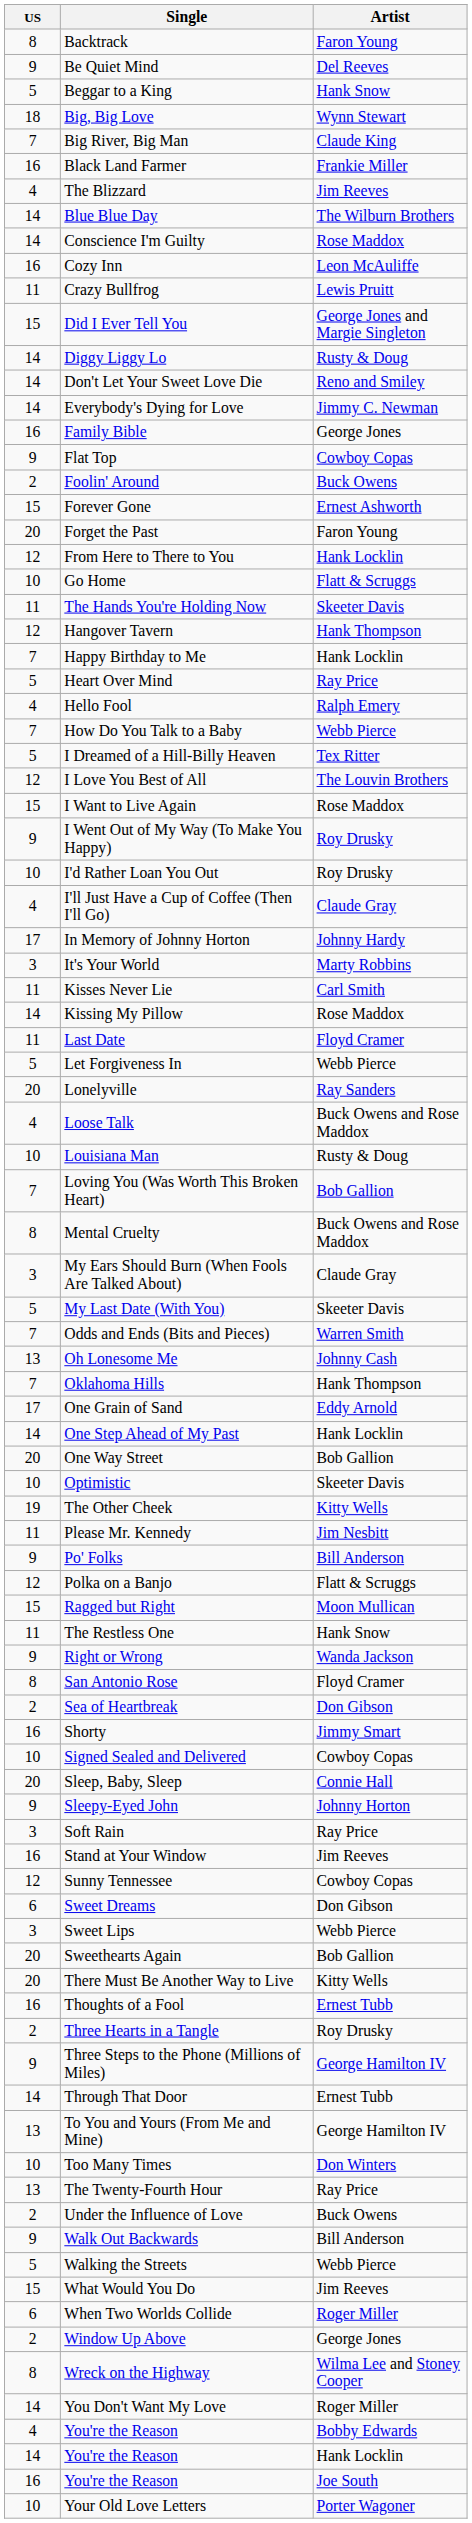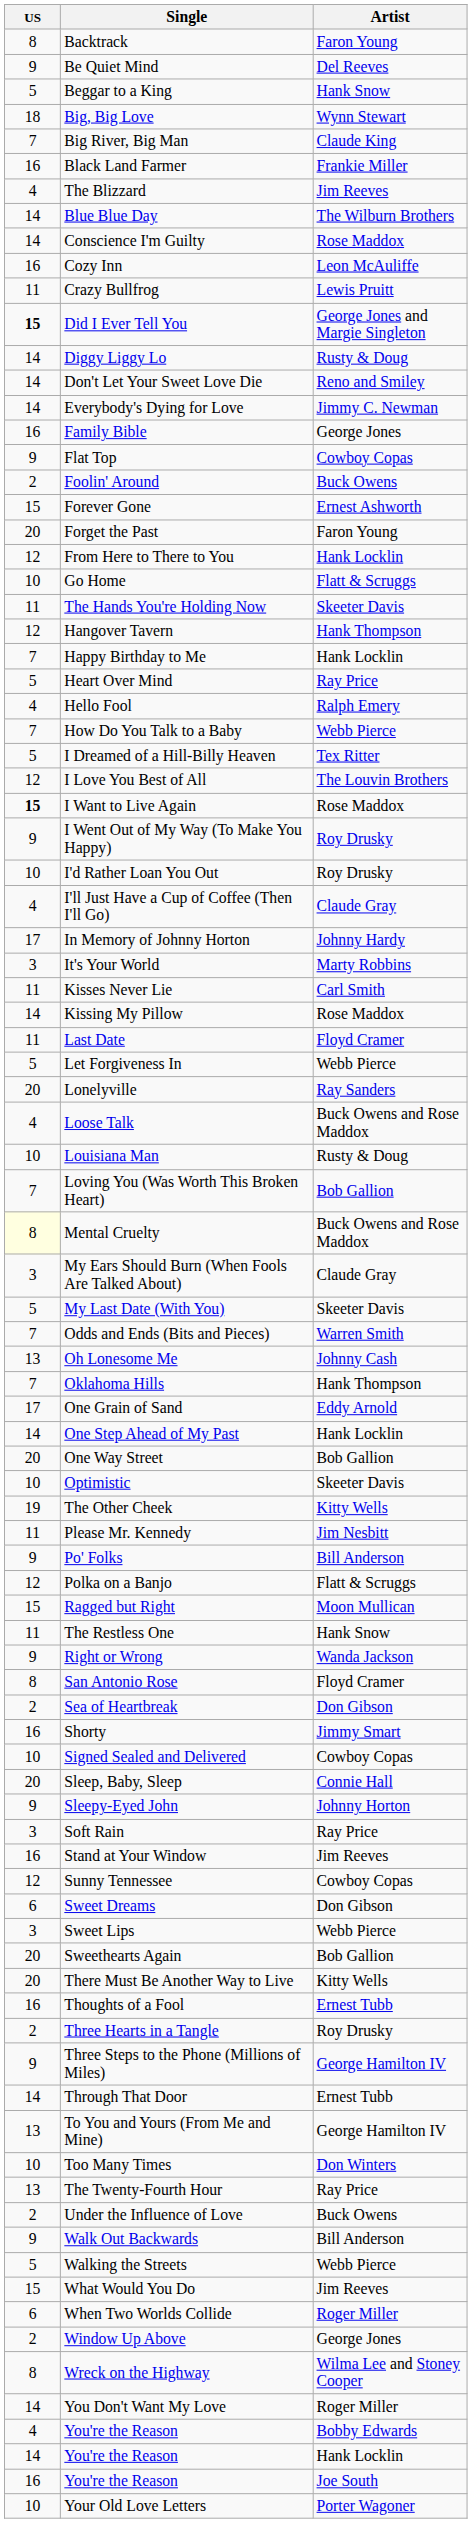 <table class="wikitable sortable">
 <tr>
 <th width="50"><small>US</small></th>
 <th width="250">Single</th>
 <th width="150">Artist</th>
 </tr>
 <tr>
 <td align="center">8</td>
 <td>Backtrack</td>
 <td><a href='#'>Faron Young</a></td>
 </tr>
 <tr>
 <td align="center">9</td>
 <td>Be Quiet Mind</td>
 <td><a href='#'>Del Reeves</a></td>
 </tr>
 <tr>
 <td align="center">5</td>
 <td>Beggar to a King</td>
 <td><a href='#'>Hank Snow</a></td>
 </tr>
 <tr>
 <td align="center">18</td>
 <td><a href='#'>Big, Big Love</a></td>
 <td><a href='#'>Wynn Stewart</a></td>
 </tr>
 <tr>
 <td align="center">7</td>
 <td>Big River, Big Man</td>
 <td><a href='#'>Claude King</a></td>
 </tr>
 <tr>
 <td align="center">16</td>
 <td>Black Land Farmer</td>
 <td><a href='#'>Frankie Miller</a></td>
 </tr>
 <tr>
 <td align="center">4</td>
 <td>The Blizzard</td>
 <td><a href='#'>Jim Reeves</a></td>
 </tr>
 <tr>
 <td align="center">14</td>
 <td><a href='#'>Blue Blue Day</a></td>
 <td><a href='#'>The Wilburn Brothers</a></td>
 </tr>
 <tr>
 <td align="center">14</td>
 <td>Conscience I'm Guilty</td>
 <td><a href='#'>Rose Maddox</a></td>
 </tr>
 <tr>
 <td align="center">16</td>
 <td>Cozy Inn</td>
 <td><a href='#'>Leon McAuliffe</a></td>
 </tr>
 <tr>
 <td align="center">11</td>
 <td>Crazy Bullfrog</td>
 <td><a href='#'>Lewis Pruitt</a></td>
 </tr>
 <tr>
-<td align="center">15</td>
+<td align="center"><strong>15</strong></td>
 <td><a href='#'>Did I Ever Tell You</a></td>
 <td><a href='#'>George Jones</a> and <a href='#'>Margie Singleton</a></td>
 </tr>
 <tr>
 <td align="center">14</td>
 <td><a href='#'>Diggy Liggy Lo</a></td>
 <td><a href='#'>Rusty & Doug</a></td>
 </tr>
 <tr>
 <td align="center">14</td>
 <td>Don't Let Your Sweet Love Die</td>
 <td><a href='#'>Reno and Smiley</a></td>
 </tr>
 <tr>
 <td align="center">14</td>
 <td>Everybody's Dying for Love</td>
 <td><a href='#'>Jimmy C. Newman</a></td>
 </tr>
 <tr>
 <td align="center">16</td>
 <td><a href='#'>Family Bible</a></td>
 <td>George Jones</td>
 </tr>
 <tr>
 <td align="center">9</td>
 <td>Flat Top</td>
 <td><a href='#'>Cowboy Copas</a></td>
 </tr>
 <tr>
 <td align="center">2</td>
 <td><a href='#'>Foolin' Around</a></td>
 <td><a href='#'>Buck Owens</a></td>
 </tr>
 <tr>
 <td align="center">15</td>
 <td>Forever Gone</td>
 <td><a href='#'>Ernest Ashworth</a></td>
 </tr>
 <tr>
 <td align="center">20</td>
 <td>Forget the Past</td>
 <td>Faron Young</td>
 </tr>
 <tr>
 <td align="center">12</td>
 <td>From Here to There to You</td>
 <td><a href='#'>Hank Locklin</a></td>
 </tr>
 <tr>
 <td align="center">10</td>
 <td>Go Home</td>
 <td><a href='#'>Flatt & Scruggs</a></td>
 </tr>
 <tr>
 <td align="center">11</td>
 <td><a href='#'>The Hands You're Holding Now</a></td>
 <td><a href='#'>Skeeter Davis</a></td>
 </tr>
 <tr>
 <td align="center">12</td>
 <td>Hangover Tavern</td>
 <td><a href='#'>Hank Thompson</a></td>
 </tr>
 <tr>
 <td align="center">7</td>
 <td>Happy Birthday to Me</td>
 <td>Hank Locklin</td>
 </tr>
 <tr>
 <td align="center">5</td>
 <td>Heart Over Mind</td>
 <td><a href='#'>Ray Price</a></td>
 </tr>
 <tr>
 <td align="center">4</td>
 <td>Hello Fool</td>
 <td><a href='#'>Ralph Emery</a></td>
 </tr>
 <tr>
 <td align="center">7</td>
 <td>How Do You Talk to a Baby</td>
 <td><a href='#'>Webb Pierce</a></td>
 </tr>
 <tr>
 <td align="center">5</td>
 <td>I Dreamed of a Hill-Billy Heaven</td>
 <td><a href='#'>Tex Ritter</a></td>
 </tr>
 <tr>
 <td align="center">12</td>
 <td>I Love You Best of All</td>
 <td><a href='#'>The Louvin Brothers</a></td>
 </tr>
 <tr>
-<td align="center">15</td>
+<td align="center"><strong>15</strong></td>
 <td>I Want to Live Again</td>
 <td>Rose Maddox</td>
 </tr>
 <tr>
 <td align="center">9</td>
 <td>I Went Out of My Way (To Make You Happy)</td>
 <td><a href='#'>Roy Drusky</a></td>
 </tr>
 <tr>
 <td align="center">10</td>
 <td>I'd Rather Loan You Out</td>
 <td>Roy Drusky</td>
 </tr>
 <tr>
 <td align="center">4</td>
 <td>I'll Just Have a Cup of Coffee (Then I'll Go)</td>
 <td><a href='#'>Claude Gray</a></td>
 </tr>
 <tr>
 <td align="center">17</td>
 <td>In Memory of Johnny Horton</td>
 <td><a href='#'>Johnny Hardy</a></td>
 </tr>
 <tr>
 <td align="center">3</td>
 <td>It's Your World</td>
 <td><a href='#'>Marty Robbins</a></td>
 </tr>
 <tr>
 <td align="center">11</td>
 <td>Kisses Never Lie</td>
 <td><a href='#'>Carl Smith</a></td>
 </tr>
 <tr>
 <td align="center">14</td>
 <td>Kissing My Pillow</td>
 <td>Rose Maddox</td>
 </tr>
 <tr>
 <td align="center">11</td>
 <td><a href='#'>Last Date</a></td>
 <td><a href='#'>Floyd Cramer</a></td>
 </tr>
 <tr>
 <td align="center">5</td>
 <td>Let Forgiveness In</td>
 <td>Webb Pierce</td>
 </tr>
 <tr>
 <td align="center">20</td>
 <td>Lonelyville</td>
 <td><a href='#'>Ray Sanders</a></td>
 </tr>
 <tr>
 <td align="center">4</td>
 <td><a href='#'>Loose Talk</a></td>
 <td>Buck Owens and Rose Maddox</td>
 </tr>
 <tr>
 <td align="center">10</td>
 <td><a href='#'>Louisiana Man</a></td>
 <td>Rusty & Doug</td>
 </tr>
 <tr>
 <td align="center">7</td>
 <td>Loving You (Was Worth This Broken Heart)</td>
 <td><a href='#'>Bob Gallion</a></td>
 </tr>
 <tr>
-<td align="center">8</td>
+<td align="center" style="background: lightyellow;">8</td>
 <td>Mental Cruelty</td>
 <td>Buck Owens and Rose Maddox</td>
 </tr>
 <tr>
 <td align="center">3</td>
 <td>My Ears Should Burn (When Fools Are Talked About)</td>
 <td>Claude Gray</td>
 </tr>
 <tr>
 <td align="center">5</td>
 <td><a href='#'>My Last Date (With You)</a></td>
 <td>Skeeter Davis</td>
 </tr>
 <tr>
 <td align="center">7</td>
 <td>Odds and Ends (Bits and Pieces)</td>
 <td><a href='#'>Warren Smith</a></td>
 </tr>
 <tr>
 <td align="center">13</td>
 <td><a href='#'>Oh Lonesome Me</a></td>
 <td><a href='#'>Johnny Cash</a></td>
 </tr>
 <tr>
 <td align="center">7</td>
 <td><a href='#'>Oklahoma Hills</a></td>
 <td>Hank Thompson</td>
 </tr>
 <tr>
 <td align="center">17</td>
 <td>One Grain of Sand</td>
 <td><a href='#'>Eddy Arnold</a></td>
 </tr>
 <tr>
 <td align="center">14</td>
 <td><a href='#'>One Step Ahead of My Past</a></td>
 <td>Hank Locklin</td>
 </tr>
 <tr>
 <td align="center">20</td>
 <td>One Way Street</td>
 <td>Bob Gallion</td>
 </tr>
 <tr>
 <td align="center">10</td>
 <td><a href='#'>Optimistic</a></td>
 <td>Skeeter Davis</td>
 </tr>
 <tr>
 <td align="center">19</td>
 <td>The Other Cheek</td>
 <td><a href='#'>Kitty Wells</a></td>
 </tr>
 <tr>
 <td align="center">11</td>
 <td>Please Mr. Kennedy</td>
 <td><a href='#'>Jim Nesbitt</a></td>
 </tr>
 <tr>
 <td align="center">9</td>
 <td><a href='#'>Po' Folks</a></td>
 <td><a href='#'>Bill Anderson</a></td>
 </tr>
 <tr>
 <td align="center">12</td>
 <td>Polka on a Banjo</td>
 <td>Flatt & Scruggs</td>
 </tr>
 <tr>
 <td align="center">15</td>
 <td><a href='#'>Ragged but Right</a></td>
 <td><a href='#'>Moon Mullican</a></td>
 </tr>
 <tr>
 <td align="center">11</td>
 <td>The Restless One</td>
 <td>Hank Snow</td>
 </tr>
 <tr>
 <td align="center">9</td>
 <td><a href='#'>Right or Wrong</a></td>
 <td><a href='#'>Wanda Jackson</a></td>
 </tr>
 <tr>
 <td align="center">8</td>
 <td><a href='#'>San Antonio Rose</a></td>
 <td>Floyd Cramer</td>
 </tr>
 <tr>
 <td align="center">2</td>
 <td><a href='#'>Sea of Heartbreak</a></td>
 <td><a href='#'>Don Gibson</a></td>
 </tr>
 <tr>
 <td align="center">16</td>
 <td>Shorty</td>
 <td><a href='#'>Jimmy Smart</a></td>
 </tr>
 <tr>
 <td align="center">10</td>
 <td><a href='#'>Signed Sealed and Delivered</a></td>
 <td>Cowboy Copas</td>
 </tr>
 <tr>
 <td align="center">20</td>
 <td>Sleep, Baby, Sleep</td>
 <td><a href='#'>Connie Hall</a></td>
 </tr>
 <tr>
 <td align="center">9</td>
 <td><a href='#'>Sleepy-Eyed John</a></td>
 <td><a href='#'>Johnny Horton</a></td>
 </tr>
 <tr>
 <td align="center">3</td>
 <td>Soft Rain</td>
 <td>Ray Price</td>
 </tr>
 <tr>
 <td align="center">16</td>
 <td>Stand at Your Window</td>
 <td>Jim Reeves</td>
 </tr>
 <tr>
 <td align="center">12</td>
 <td>Sunny Tennessee</td>
 <td>Cowboy Copas</td>
 </tr>
 <tr>
 <td align="center">6</td>
 <td><a href='#'>Sweet Dreams</a></td>
 <td>Don Gibson</td>
 </tr>
 <tr>
 <td align="center">3</td>
 <td>Sweet Lips</td>
 <td>Webb Pierce</td>
 </tr>
 <tr>
 <td align="center">20</td>
 <td>Sweethearts Again</td>
 <td>Bob Gallion</td>
 </tr>
 <tr>
 <td align="center">20</td>
 <td>There Must Be Another Way to Live</td>
 <td>Kitty Wells</td>
 </tr>
 <tr>
 <td align="center">16</td>
 <td>Thoughts of a Fool</td>
 <td><a href='#'>Ernest Tubb</a></td>
 </tr>
 <tr>
 <td align="center">2</td>
 <td><a href='#'>Three Hearts in a Tangle</a></td>
 <td>Roy Drusky</td>
 </tr>
 <tr>
 <td align="center">9</td>
 <td>Three Steps to the Phone (Millions of Miles)</td>
 <td><a href='#'>George Hamilton IV</a></td>
 </tr>
 <tr>
 <td align="center">14</td>
 <td>Through That Door</td>
 <td>Ernest Tubb</td>
 </tr>
 <tr>
 <td align="center">13</td>
 <td>To You and Yours (From Me and Mine)</td>
 <td>George Hamilton IV</td>
 </tr>
 <tr>
 <td align="center">10</td>
 <td>Too Many Times</td>
 <td><a href='#'>Don Winters</a></td>
 </tr>
 <tr>
 <td align="center">13</td>
 <td>The Twenty-Fourth Hour</td>
 <td>Ray Price</td>
 </tr>
 <tr>
 <td align="center">2</td>
 <td>Under the Influence of Love</td>
 <td>Buck Owens</td>
 </tr>
 <tr>
 <td align="center">9</td>
 <td><a href='#'>Walk Out Backwards</a></td>
 <td>Bill Anderson</td>
 </tr>
 <tr>
 <td align="center">5</td>
 <td>Walking the Streets</td>
 <td>Webb Pierce</td>
 </tr>
 <tr>
 <td align="center">15</td>
 <td>What Would You Do</td>
 <td>Jim Reeves</td>
 </tr>
 <tr>
 <td align="center">6</td>
 <td>When Two Worlds Collide</td>
 <td><a href='#'>Roger Miller</a></td>
 </tr>
 <tr>
 <td align="center">2</td>
 <td><a href='#'>Window Up Above</a></td>
 <td>George Jones</td>
 </tr>
 <tr>
 <td align="center">8</td>
 <td><a href='#'>Wreck on the Highway</a></td>
 <td><a href='#'>Wilma Lee</a> and <a href='#'>Stoney Cooper</a></td>
 </tr>
 <tr>
 <td align="center">14</td>
 <td>You Don't Want My Love</td>
 <td>Roger Miller</td>
 </tr>
 <tr>
 <td align="center">4</td>
 <td><a href='#'>You're the Reason</a></td>
 <td><a href='#'>Bobby Edwards</a></td>
 </tr>
 <tr>
 <td align="center">14</td>
 <td><a href='#'>You're the Reason</a></td>
 <td>Hank Locklin</td>
 </tr>
 <tr>
 <td align="center">16</td>
 <td><a href='#'>You're the Reason</a></td>
 <td><a href='#'>Joe South</a></td>
 </tr>
 <tr>
 <td align="center">10</td>
 <td>Your Old Love Letters</td>
 <td><a href='#'>Porter Wagoner</a></td>
 </tr>
 </table>
